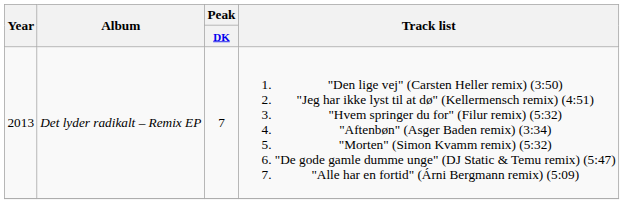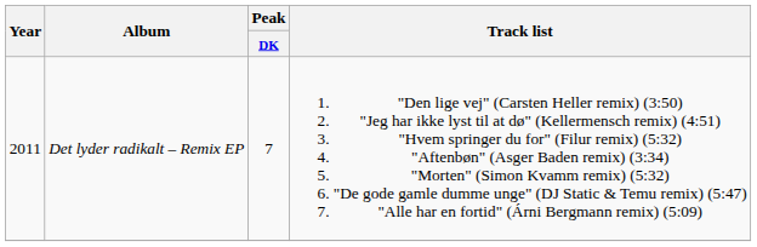 <table class="wikitable">
 <tr>
 <th width="20" rowspan="2" style="text-align:center;">Year</th>
 <th rowspan="2">Album</th>
 <th colspan="1">Peak</th>
 <th rowspan="2">Track list</th>
 </tr>
 <tr>
 <th align="center"><a href='#'><small>DK</small></a><br></th>
 </tr>
 <tr>
-<td align="center">2013</td>
+<td align="center">2011</td>
 <td><em>Det lyder radikalt – Remix EP</em></td>
 <td align="center">7</td>
 <td align="center"><br><ol><li>"Den lige vej" (Carsten Heller remix) (3:50)</li><li>"Jeg har ikke lyst til at dø" (Kellermensch remix) (4:51)</li><li>"Hvem springer du for" (Filur remix) (5:32)</li><li>"Aftenbøn" (Asger Baden remix) (3:34)</li><li>"Morten" (Simon Kvamm remix) (5:32)</li><li>"De gode gamle dumme unge" (DJ Static & Temu remix) (5:47)</li><li>"Alle har en fortid" (Árni Bergmann remix) (5:09)</li></ol></td>
 </tr>
 <tr>
 </tr>
 </table>
